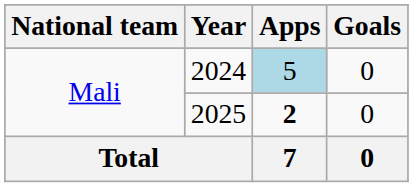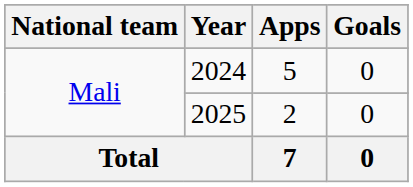 <table class="wikitable" style="text-align:center">
 <tr>
 <th>National team</th>
 <th>Year</th>
 <th>Apps</th>
 <th>Goals</th>
 </tr>
 <tr>
 <td rowspan="2"><a href='#'>Mali</a></td>
 <td>2024</td>
-<td style="background: lightblue;">5</td>
+<td>5</td>
 <td>0</td>
 </tr>
 <tr>
 <td>2025</td>
-<td><strong>2</strong></td>
+<td>2</td>
 <td>0</td>
 </tr>
 <tr>
 <th colspan="2">Total</th>
 <th>7</th>
 <th>0</th>
 </tr>
 </table>
